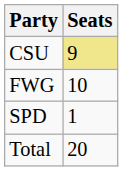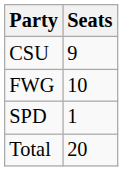 <table class="wikitable">
 <tr class="backgroundcolour5">
 <th>Party</th>
 <th>Seats</th>
 </tr>
 <tr>
 <td>CSU</td>
-<td style="background: khaki;">9</td>
+<td>9</td>
 </tr>
 <tr>
 <td>FWG</td>
 <td>10</td>
 </tr>
 <tr>
 <td>SPD</td>
 <td>1</td>
 </tr>
 <tr>
 <td>Total</td>
 <td>20</td>
 </tr>
 </table>
